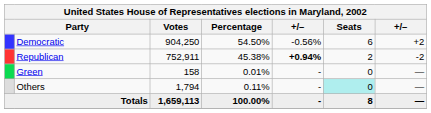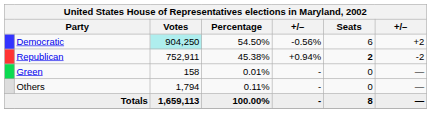 <table class="wikitable" style="font-size: 95%;">
 <tr>
 <th colspan="7">United States House of Representatives elections in Maryland, 2002</th>
 </tr>
 <tr>
 <th colspan=2 style="width: 15em">Party</th>
 <th style="width: 5em">Votes</th>
 <th style="width: 7em">Percentage</th>
 <th style="width: 5em">+/–</th>
 <th style="width: 5em">Seats</th>
 <th style="width: 5em">+/–</th>
 </tr>
 <tr>
 <th style="background-color:#3333FF; width: 3px"></th>
 <td style="width: 130px"><a href='#'>Democratic</a></td>
-<td align="right">904,250</td>
+<td align="right" style="background: paleturquoise;">904,250</td>
 <td align="right">54.50%</td>
 <td align="right">-0.56%</td>
 <td align="right">6</td>
 <td align="right">+2</td>
 </tr>
 <tr>
 <th style="background-color:#FF3333; width: 3px"></th>
 <td style="width: 130px"><a href='#'>Republican</a></td>
 <td align="right">752,911</td>
 <td align="right">45.38%</td>
-<td align="right"><strong>+0.94%</strong></td>
-<td align="right">2</td>
+<td align="right">+0.94%</td>
+<td align="right"><strong>2</strong></td>
 <td align="right">-2</td>
 </tr>
 <tr>
 <th style="background-color:#0BDA51; width: 3px"></th>
 <td style="width: 130px"><a href='#'>Green</a></td>
 <td align="right">158</td>
 <td align="right">0.01%</td>
 <td align="right">-</td>
 <td align="right">0</td>
 <td align="right">—</td>
 </tr>
 <tr>
 <th style="background-color:#DDDDDD; width: 3px"></th>
 <td style="width: 130px">Others</td>
 <td align="right">1,794</td>
 <td align="right">0.11%</td>
 <td align="right">-</td>
-<td align="right" style="background: paleturquoise;">0</td>
+<td align="right">0</td>
 <td align="right">—</td>
 </tr>
 <tr bgcolor="#EEEEEE">
 <td colspan="2" align="right"><strong>Totals</strong></td>
 <td align="right"><strong>1,659,113</strong></td>
 <td align="right"><strong>100.00%</strong></td>
 <td align="right"><strong>-</strong></td>
 <td align="right"><strong>8</strong></td>
 <td align="right"><strong>—</strong></td>
 </tr>
 <tr bgcolor="#EEEEEE">
 </tr>
 </table>
